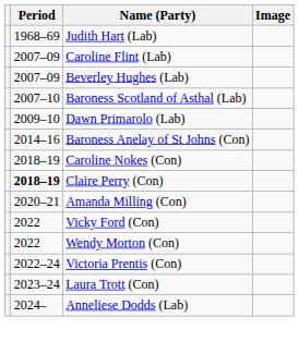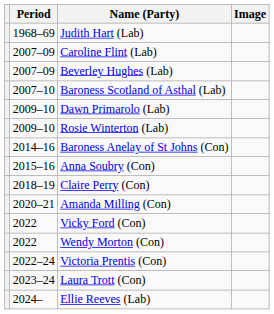 <table class="wikitable">
 <tr>
 <th></th>
 <th>Period</th>
 <th>Name (Party)</th>
 <th>Image</th>
 </tr>
 <tr>
 <th style="background-color: "></th>
 <td>1968–69</td>
 <td><a href='#'>Judith Hart</a> (Lab)</td>
 <td></td>
 </tr>
 <tr>
 <th style="background-color: "></th>
 <td>2007–09</td>
 <td><a href='#'>Caroline Flint</a> (Lab)</td>
 <td></td>
 </tr>
 <tr>
 <th style="background-color: "></th>
 <td>2007–09</td>
 <td><a href='#'>Beverley Hughes</a> (Lab)</td>
 <td></td>
 </tr>
 <tr>
 <th style="background-color: "></th>
 <td>2007–10</td>
 <td><a href='#'>Baroness Scotland of Asthal</a> (Lab)</td>
 <td></td>
 </tr>
 <tr>
 <th style="background-color: "></th>
 <td>2009–10</td>
 <td><a href='#'>Dawn Primarolo</a> (Lab)</td>
 <td></td>
 </tr>
 <tr>
 <th style="background-color: "></th>
+<td>2009–10</td>
+<td><a href='#'>Rosie Winterton</a> (Lab)</td>
+<td></td>
+</tr>
+<tr>
+<th style="background-color: "></th>
 <td>2014–16</td>
 <td><a href='#'>Baroness Anelay of St Johns</a> (Con)</td>
 <td></td>
 </tr>
 <tr>
 <th style="background-color: "></th>
-<td>2018–19</td>
-<td><a href='#'>Caroline Nokes</a> (Con)</td>
+<td>2015–16</td>
+<td><a href='#'>Anna Soubry</a> (Con)</td>
 <td></td>
 </tr>
 <tr>
 <th style="background-color: "></th>
-<td><strong>2018–19</strong></td>
+<td>2018–19</td>
 <td><a href='#'>Claire Perry</a> (Con)</td>
 <td></td>
 </tr>
 <tr>
 <th style="background-color: "></th>
 <td>2020–21</td>
 <td><a href='#'>Amanda Milling</a> (Con)</td>
 <td></td>
 </tr>
 <tr>
 <th style="background-color: "></th>
 <td>2022</td>
 <td><a href='#'>Vicky Ford</a> (Con)</td>
 <td></td>
 </tr>
 <tr>
 <th style="background-color: "></th>
 <td>2022</td>
 <td><a href='#'>Wendy Morton</a> (Con)</td>
 <td></td>
 </tr>
 <tr>
 <th style="background-color: "></th>
 <td>2022–24</td>
 <td><a href='#'>Victoria Prentis</a> (Con)</td>
 <td></td>
 </tr>
 <tr>
 <th style="background-color: "></th>
 <td>2023–24</td>
 <td><a href='#'>Laura Trott</a> (Con)</td>
 <td></td>
 </tr>
 <tr>
 <th style="background-color: "></th>
 <td>2024–</td>
-<td><a href='#'>Anneliese Dodds</a> (Lab)</td>
+<td><a href='#'>Ellie Reeves</a> (Lab)</td>
 <td></td>
 </tr>
 </table>
